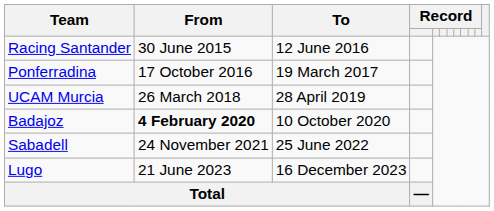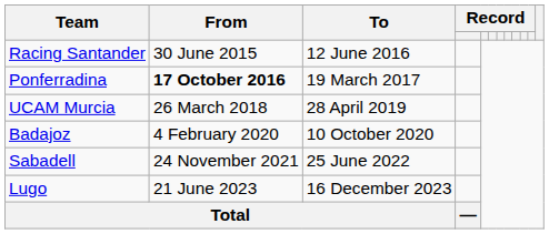 <table class="wikitable" style="text-align: center">
 <tr>
 <th rowspan="2">Team</th>
 <th rowspan="2">From</th>
 <th rowspan="2">To</th>
 <th colspan="8">Record</th>
 <th rowspan=2></th>
 </tr>
 <tr>
 <th></th>
 <th></th>
 <th></th>
 <th></th>
 <th></th>
 <th></th>
 <th></th>
 <th></th>
 </tr>
 <tr>
 <td align=left><a href='#'>Racing Santander</a></td>
 <td align=left>30 June 2015</td>
 <td align=left>12 June 2016<br></td>
 <td></td>
 </tr>
 <tr>
 <td align=left><a href='#'>Ponferradina</a></td>
-<td align=left>17 October 2016</td>
+<td align=left><strong>17 October 2016</strong></td>
 <td align=left>19 March 2017<br></td>
 <td></td>
 </tr>
 <tr>
 <td align=left><a href='#'>UCAM Murcia</a></td>
 <td align=left>26 March 2018</td>
 <td align=left>28 April 2019<br></td>
 <td></td>
 </tr>
 <tr>
 <td align=left><a href='#'>Badajoz</a></td>
-<td align=left><strong>4 February 2020</strong></td>
+<td align=left>4 February 2020</td>
 <td align=left>10 October 2020<br></td>
 <td></td>
 </tr>
 <tr>
 <td align=left><a href='#'>Sabadell</a></td>
 <td align=left>24 November 2021</td>
 <td align=left>25 June 2022<br></td>
 <td></td>
 </tr>
 <tr>
 <td align=left><a href='#'>Lugo</a></td>
 <td align=left>21 June 2023</td>
 <td align=left>16 December 2023<br></td>
 <td></td>
 </tr>
 <tr>
 <th colspan="3">Total<br></th>
 <th>—</th>
 </tr>
 </table>
